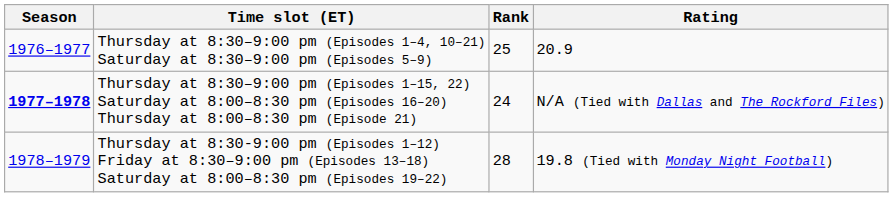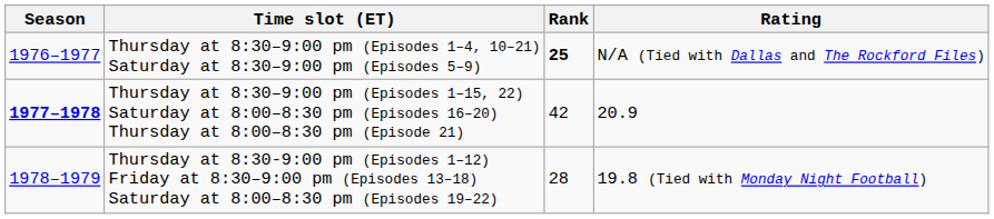 <table class="wikitable">
 <tr>
 <th>Season</th>
 <th>Time slot (ET)</th>
 <th>Rank</th>
 <th>Rating</th>
 </tr>
 <tr>
 <td><a href='#'>1976–1977</a></td>
 <td>Thursday at 8:30–9:00 pm <small>(Episodes 1–4, 10–21)</small><br>Saturday at 8:30–9:00 pm <small>(Episodes 5–9)</small></td>
-<td>25</td>
-<td>20.9</td>
+<td><strong>25</strong></td>
+<td>N/A <small>(Tied with <em><a href='#'>Dallas</a></em> and <em><a href='#'>The Rockford Files</a></em>)</small></td>
 </tr>
 <tr>
 <td><strong><a href='#'>1977–1978</a></strong></td>
 <td>Thursday at 8:30–9:00 pm <small>(Episodes 1–15, 22)</small><br>Saturday at 8:00–8:30 pm <small>(Episodes 16–20)</small><br>Thursday at 8:00–8:30 pm <small>(Episode 21)</small></td>
-<td>24</td>
-<td>N/A <small>(Tied with <em><a href='#'>Dallas</a></em> and <em><a href='#'>The Rockford Files</a></em>)</small></td>
+<td>42</td>
+<td>20.9</td>
 </tr>
 <tr>
 <td><a href='#'>1978–1979</a></td>
 <td>Thursday at 8:30-9:00 pm <small>(Episodes 1–12)</small><br>Friday at 8:30–9:00 pm <small>(Episodes 13–18)</small><br>Saturday at 8:00–8:30 pm <small>(Episodes 19–22)</small></td>
 <td>28</td>
 <td>19.8 <small>(Tied with <em><a href='#'>Monday Night Football</a></em>)</small></td>
 </tr>
 </table>
